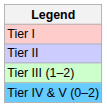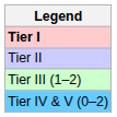 <table class="wikitable" style="font-size:90%">
 <tr style="background:#f7f7f7;">
 <th>Legend</th>
 </tr>
 <tr>
-<td bgcolor=#ffcccc>Tier I</td>
+<td bgcolor=#ffcccc><strong>Tier I</strong></td>
 </tr>
 <tr>
 <td bgcolor=#ccccff>Tier II</td>
 </tr>
 <tr>
 <td style="background:#ccffcc;">Tier III (1–2)</td>
 </tr>
 <tr>
 <td style="background:#66ccff;">Tier IV & V (0–2)</td>
 </tr>
 </table>
